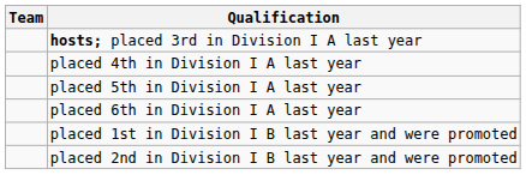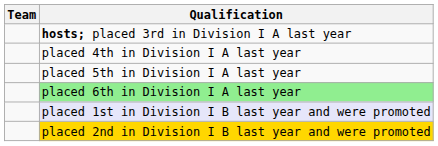 <table class="wikitable">
 <tr>
 <th>Team</th>
 <th>Qualification</th>
 </tr>
 <tr>
 <td></td>
 <td><strong>hosts;</strong> placed 3rd in Division I A last year</td>
 </tr>
 <tr>
 <td></td>
 <td>placed 4th in Division I A last year</td>
 </tr>
 <tr>
 <td></td>
 <td>placed 5th in Division I A last year</td>
 </tr>
 <tr>
 <td></td>
-<td>placed 6th in Division I A last year</td>
+<td style="background: lightgreen;">placed 6th in Division I A last year</td>
 </tr>
 <tr>
 <td></td>
-<td>placed 1st in Division I B last year and were promoted</td>
+<td style="background: lavender;">placed 1st in Division I B last year and were promoted</td>
 </tr>
 <tr>
 <td></td>
-<td>placed 2nd in Division I B last year and were promoted</td>
+<td style="background: gold;">placed 2nd in Division I B last year and were promoted</td>
 </tr>
 </table>
